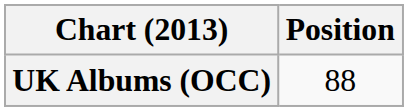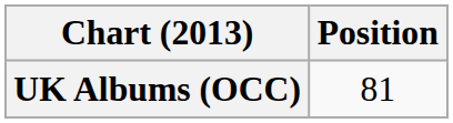 <table class="wikitable plainrowheaders">
 <tr>
 <th scope="col">Chart (2013)</th>
 <th scope="col">Position</th>
 </tr>
 <tr>
 <th scope="row">UK Albums (OCC)</th>
-<td style="text-align:center;">88</td>
+<td style="text-align:center;">81</td>
 </tr>
 </table>
